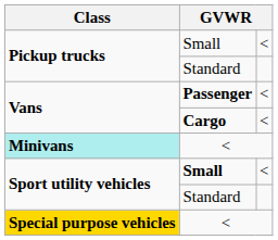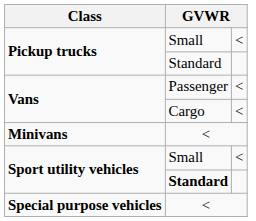 <table class="wikitable">
 <tr>
 <th>Class</th>
 <th colspan="2">GVWR</th>
 </tr>
 <tr>
 <td rowspan=2><strong>Pickup trucks</strong></td>
 <td>Small</td>
 <td>< </td>
 </tr>
 <tr>
 <td>Standard</td>
 <td></td>
 </tr>
 <tr>
 <td rowspan=2><strong>Vans</strong></td>
-<td><strong>Passenger</strong></td>
+<td>Passenger</td>
 <td>< </td>
 </tr>
 <tr>
-<td><strong>Cargo</strong></td>
+<td>Cargo</td>
 <td>< </td>
 </tr>
 <tr>
-<td style="background: paleturquoise;"><strong>Minivans</strong></td>
+<td><strong>Minivans</strong></td>
 <td colspan=2 align="center">< </td>
 </tr>
 <tr>
 <td rowspan=2><strong>Sport utility vehicles</strong></td>
-<td><strong>Small</strong></td>
+<td>Small</td>
 <td>< </td>
 </tr>
 <tr>
-<td>Standard</td>
+<td><strong>Standard</strong></td>
 <td></td>
 </tr>
 <tr>
-<td style="background: gold;"><strong>Special purpose vehicles</strong></td>
+<td><strong>Special purpose vehicles</strong></td>
 <td colspan=2 align="center">< </td>
 </tr>
 </table>
